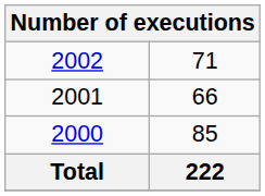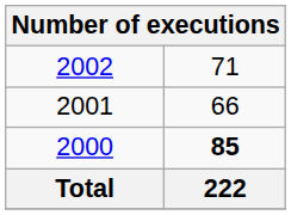 <table class="wikitable" style="text-align:center;">
 <tr>
 <th colspan="2">Number of executions</th>
 </tr>
 <tr>
 <td><a href='#'>2002</a></td>
 <td>71</td>
 </tr>
 <tr>
 <td>2001</td>
 <td>66</td>
 </tr>
 <tr>
 <td><a href='#'>2000</a></td>
-<td>85</td>
+<td><strong>85</strong></td>
 </tr>
 <tr>
 <th>Total</th>
 <th>222</th>
 </tr>
 <tr>
 </tr>
 </table>
